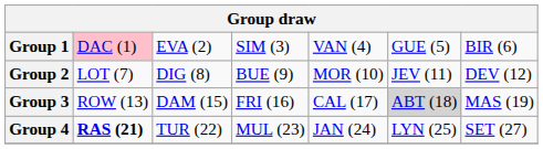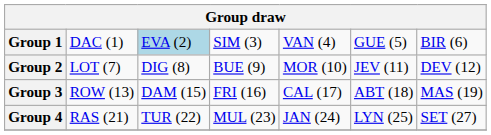 <table class="wikitable" style="text-align:center; font-size:85%">
 <tr>
 <th colspan="7">Group draw</th>
 </tr>
 <tr>
 <th>Group 1</th>
-<td align="left" style="background: pink;"> <a href='#'>DAC</a> (1)</td>
-<td align="left"> <a href='#'>EVA</a> (2)</td>
+<td align="left"> <a href='#'>DAC</a> (1)</td>
+<td align="left" style="background: lightblue;"> <a href='#'>EVA</a> (2)</td>
 <td align="left"> <a href='#'>SIM</a> (3)</td>
 <td align="left"> <a href='#'>VAN</a> (4)</td>
 <td align="left"> <a href='#'>GUE</a> (5)</td>
 <td align="left"> <a href='#'>BIR</a> (6)</td>
 </tr>
 <tr>
 <th>Group 2</th>
 <td align="left"> <a href='#'>LOT</a> (7)</td>
 <td align="left"> <a href='#'>DIG</a> (8)</td>
 <td align="left"> <a href='#'>BUE</a> (9)</td>
 <td align="left"> <a href='#'>MOR</a> (10)</td>
 <td align="left"> <a href='#'>JEV</a> (11)</td>
 <td align="left"> <a href='#'>DEV</a> (12)</td>
 </tr>
 <tr>
 <th>Group 3</th>
 <td align="left"> <a href='#'>ROW</a> (13)</td>
 <td align="left"> <a href='#'>DAM</a> (15)</td>
 <td align="left"> <a href='#'>FRI</a> (16)</td>
 <td align="left"> <a href='#'>CAL</a> (17)</td>
-<td align="left" style="background: lightgrey;"> <a href='#'>ABT</a> (18)</td>
+<td align="left"> <a href='#'>ABT</a> (18)</td>
 <td align="left"> <a href='#'>MAS</a> (19)</td>
 </tr>
 <tr>
 <th>Group 4</th>
-<td align="left"><strong> <a href='#'>RAS</a> (21)</strong></td>
+<td align="left"> <a href='#'>RAS</a> (21)</td>
 <td align="left"> <a href='#'>TUR</a> (22)</td>
 <td align="left"> <a href='#'>MUL</a> (23)</td>
 <td align="left"> <a href='#'>JAN</a> (24)</td>
 <td align="left"> <a href='#'>LYN</a> (25)</td>
 <td align="left"> <a href='#'>SET</a> (27)</td>
 </tr>
 <tr>
 </tr>
 </table>
